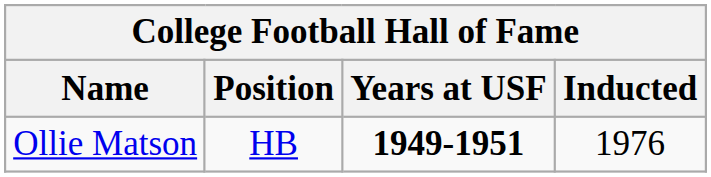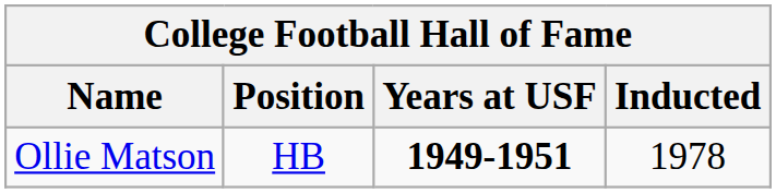 <table class="wikitable">
 <tr align="center">
 <th colspan=5>College Football Hall of Fame</th>
 </tr>
 <tr>
 <th>Name</th>
 <th>Position</th>
 <th>Years at USF</th>
 <th>Inducted</th>
 </tr>
 <tr align="center" bgcolor="">
 <td><a href='#'>Ollie Matson</a></td>
 <td><a href='#'>HB</a></td>
 <td><strong>1949-1951</strong></td>
-<td>1976</td>
+<td>1978</td>
 </tr>
 </table>
